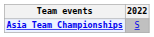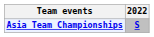 <table class="wikitable" style="font-size: 90%; text-align:center">
 <tr>
 <th>Team events</th>
 <th>2022</th>
 </tr>
 <tr>
 <td bgcolor="#ECF2FF"; align="left"><strong><a href='#'>Asia Team Championships</a></strong></td>
-<td bgcolor=silver><a href='#'>S</a></td>
+<td bgcolor=silver><strong><a href='#'>S</a></strong></td>
 </tr>
 </table>
